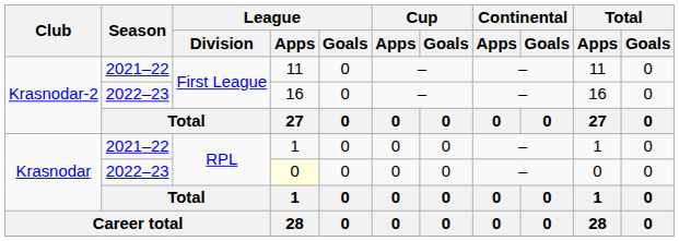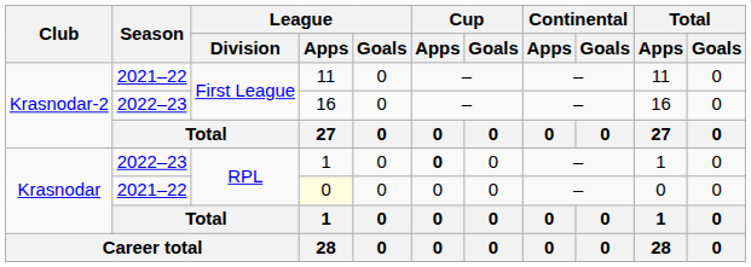 <table class="wikitable" style="text-align: center;">
 <tr>
 <th rowspan=2>Club</th>
 <th rowspan=2>Season</th>
 <th colspan=3>League</th>
 <th colspan=2>Cup</th>
 <th colspan=2>Continental</th>
 <th colspan=2>Total</th>
 </tr>
 <tr>
 <th>Division</th>
 <th>Apps</th>
 <th>Goals</th>
 <th>Apps</th>
 <th>Goals</th>
 <th>Apps</th>
 <th>Goals</th>
 <th>Apps</th>
 <th>Goals</th>
 </tr>
 <tr>
 <td rowspan="3"><a href='#'>Krasnodar-2</a></td>
 <td><a href='#'>2021–22</a></td>
 <td rowspan="2"><a href='#'>First League</a></td>
 <td>11</td>
 <td>0</td>
 <td colspan=2>–</td>
 <td colspan=2>–</td>
 <td>11</td>
 <td>0</td>
 </tr>
 <tr>
 <td><a href='#'>2022–23</a></td>
 <td>16</td>
 <td>0</td>
 <td colspan=2>–</td>
 <td colspan=2>–</td>
 <td>16</td>
 <td>0</td>
 </tr>
 <tr>
 <th colspan=2>Total</th>
 <th>27</th>
 <th>0</th>
 <th>0</th>
 <th>0</th>
 <th>0</th>
 <th>0</th>
 <th>27</th>
 <th>0</th>
 </tr>
 <tr>
 <td rowspan="3"><a href='#'>Krasnodar</a></td>
-<td><a href='#'>2021–22</a></td>
+<td><a href='#'>2022–23</a></td>
 <td rowspan="2"><a href='#'>RPL</a></td>
 <td>1</td>
 <td>0</td>
-<td>0</td>
+<td><strong>0</strong></td>
 <td>0</td>
 <td colspan=2>–</td>
 <td>1</td>
 <td>0</td>
 </tr>
 <tr>
-<td><a href='#'>2022–23</a></td>
+<td><a href='#'>2021–22</a></td>
 <td style="background: lightyellow;">0</td>
 <td>0</td>
 <td>0</td>
 <td>0</td>
 <td colspan=2>–</td>
 <td>0</td>
 <td>0</td>
 </tr>
 <tr>
 <th colspan=2>Total</th>
 <th>1</th>
 <th>0</th>
 <th>0</th>
 <th>0</th>
 <th>0</th>
 <th>0</th>
 <th>1</th>
 <th>0</th>
 </tr>
 <tr>
 <th colspan=3>Career total</th>
 <th>28</th>
 <th>0</th>
 <th>0</th>
 <th>0</th>
 <th>0</th>
 <th>0</th>
 <th>28</th>
 <th>0</th>
 </tr>
 </table>
